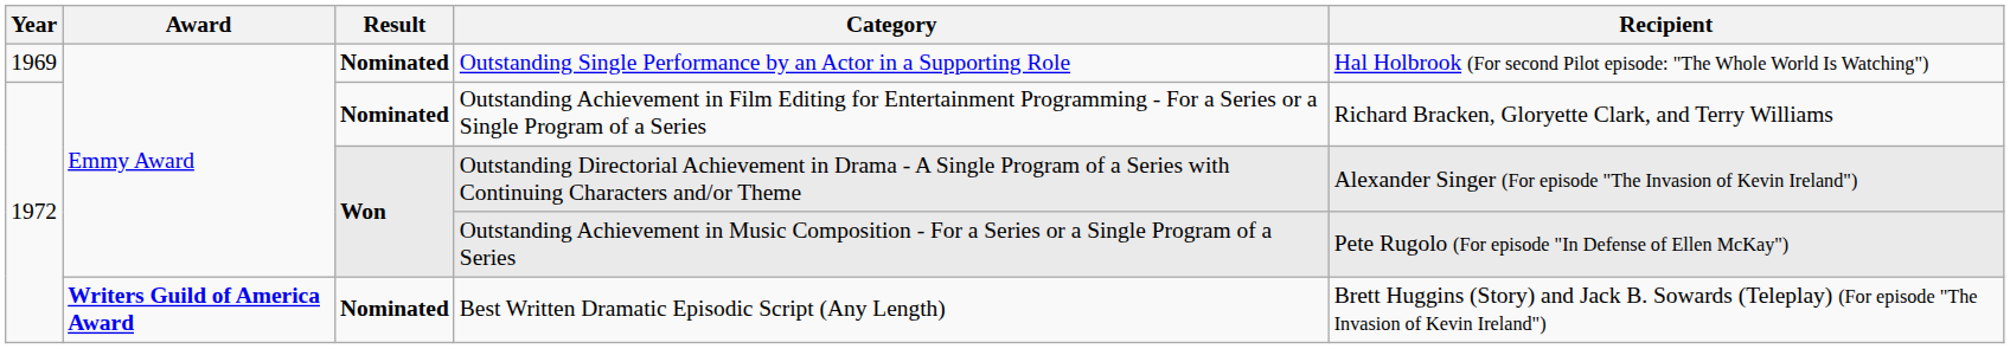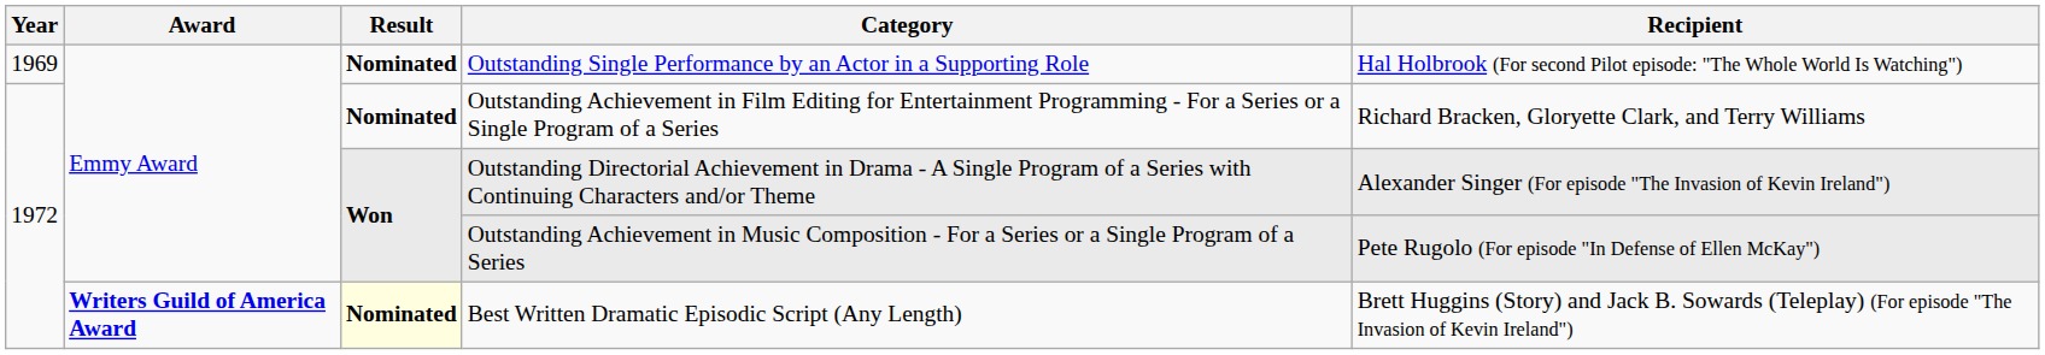 <table class="wikitable" style="font-size: 90%;">
 <tr>
 <th>Year</th>
 <th>Award</th>
 <th>Result</th>
 <th>Category</th>
 <th>Recipient</th>
 </tr>
 <tr>
 <td rowspan=1>1969</td>
 <td rowspan=4><a href='#'>Emmy Award</a></td>
 <td><strong>Nominated</strong></td>
 <td><a href='#'>Outstanding Single Performance by an Actor in a Supporting Role</a></td>
 <td><a href='#'>Hal Holbrook</a> <small>(For second Pilot episode: "The Whole World Is Watching")</small></td>
 </tr>
 <tr>
 <td rowspan=4>1972</td>
 <td><strong>Nominated</strong></td>
 <td>Outstanding Achievement in Film Editing for Entertainment Programming - For a Series or a Single Program of a Series</td>
 <td>Richard Bracken, Gloryette Clark, and Terry Williams</td>
 </tr>
 <tr style="background-color: #EAEAEA;">
 <td rowspan=2><strong>Won</strong></td>
 <td>Outstanding Directorial Achievement in Drama - A Single Program of a Series with Continuing Characters and/or Theme</td>
 <td>Alexander Singer <small>(For episode "The Invasion of Kevin Ireland")</small></td>
 </tr>
 <tr style="background-color: #EAEAEA;">
 <td>Outstanding Achievement in Music Composition - For a Series or a Single Program of a Series</td>
 <td>Pete Rugolo <small>(For episode "In Defense of Ellen McKay")</small></td>
 </tr>
 <tr>
 <td><strong><a href='#'>Writers Guild of America Award</a></strong></td>
-<td><strong>Nominated</strong></td>
+<td style="background: lightyellow;"><strong>Nominated</strong></td>
 <td>Best Written Dramatic Episodic Script (Any Length)</td>
 <td>Brett Huggins (Story) and Jack B. Sowards (Teleplay) <small>(For episode "The Invasion of Kevin Ireland")</small></td>
 </tr>
 </table>
